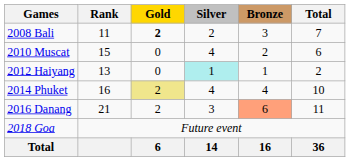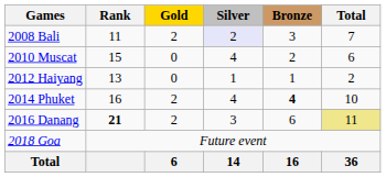 <table class="wikitable sortable" style="margin-top:0; text-align:center;">
 <tr>
 <th>Games</th>
 <th style="width:4em;">Rank</th>
 <td style="background:gold; width:4em;"><strong>Gold</strong></td>
 <td style="background:silver; width:4em;"><strong>Silver</strong></td>
 <td style="background:#c96; width:4em;"><strong>Bronze</strong></td>
 <th style="width:4em;">Total</th>
 </tr>
 <tr>
 <td align=left><a href='#'>2008 Bali</a></td>
 <td>11</td>
-<td><strong>2</strong></td>
 <td>2</td>
+<td style="background: lavender;">2</td>
 <td>3</td>
 <td>7</td>
 </tr>
 <tr>
 <td align=left><a href='#'>2010 Muscat</a></td>
 <td>15</td>
 <td>0</td>
 <td>4</td>
 <td>2</td>
 <td>6</td>
 </tr>
 <tr>
 <td align=left><a href='#'>2012 Haiyang</a></td>
 <td>13</td>
 <td>0</td>
-<td style="background: paleturquoise;">1</td>
+<td>1</td>
 <td>1</td>
 <td>2</td>
 </tr>
 <tr>
 <td align=left><a href='#'>2014 Phuket</a></td>
 <td>16</td>
-<td style="background: khaki;">2</td>
+<td>2</td>
 <td>4</td>
-<td>4</td>
+<td><strong>4</strong></td>
 <td>10</td>
 </tr>
 <tr>
 <td align=left><a href='#'>2016 Danang</a></td>
-<td>21</td>
+<td><strong>21</strong></td>
 <td>2</td>
 <td>3</td>
-<td style="background: lightsalmon;">6</td>
-<td>11</td>
+<td>6</td>
+<td style="background: khaki;">11</td>
 </tr>
 <tr>
 <td align=left><em><a href='#'>2018 Goa</a></em></td>
 <td colspan=5><em>Future event</em></td>
 </tr>
 <tr>
 <th>Total</th>
 <th></th>
 <th>6</th>
 <th>14</th>
 <th>16</th>
 <th>36</th>
 </tr>
 </table>
